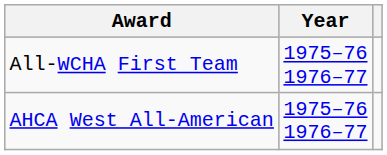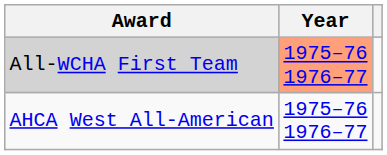 <table class="wikitable">
 <tr>
 <th>Award</th>
 <th>Year</th>
 <th></th>
 </tr>
 <tr>
-<td>All-<a href='#'>WCHA</a> <a href='#'>First Team</a></td>
-<td><a href='#'>1975–76</a><br><a href='#'>1976–77</a></td>
+<td style="background: lightgrey;">All-<a href='#'>WCHA</a> <a href='#'>First Team</a></td>
+<td style="background: lightsalmon;"><a href='#'>1975–76</a><br><a href='#'>1976–77</a></td>
 <td></td>
 </tr>
 <tr>
 <td><a href='#'>AHCA</a> <a href='#'>West All-American</a></td>
 <td><a href='#'>1975–76</a><br><a href='#'>1976–77</a></td>
 <td></td>
 </tr>
 </table>
